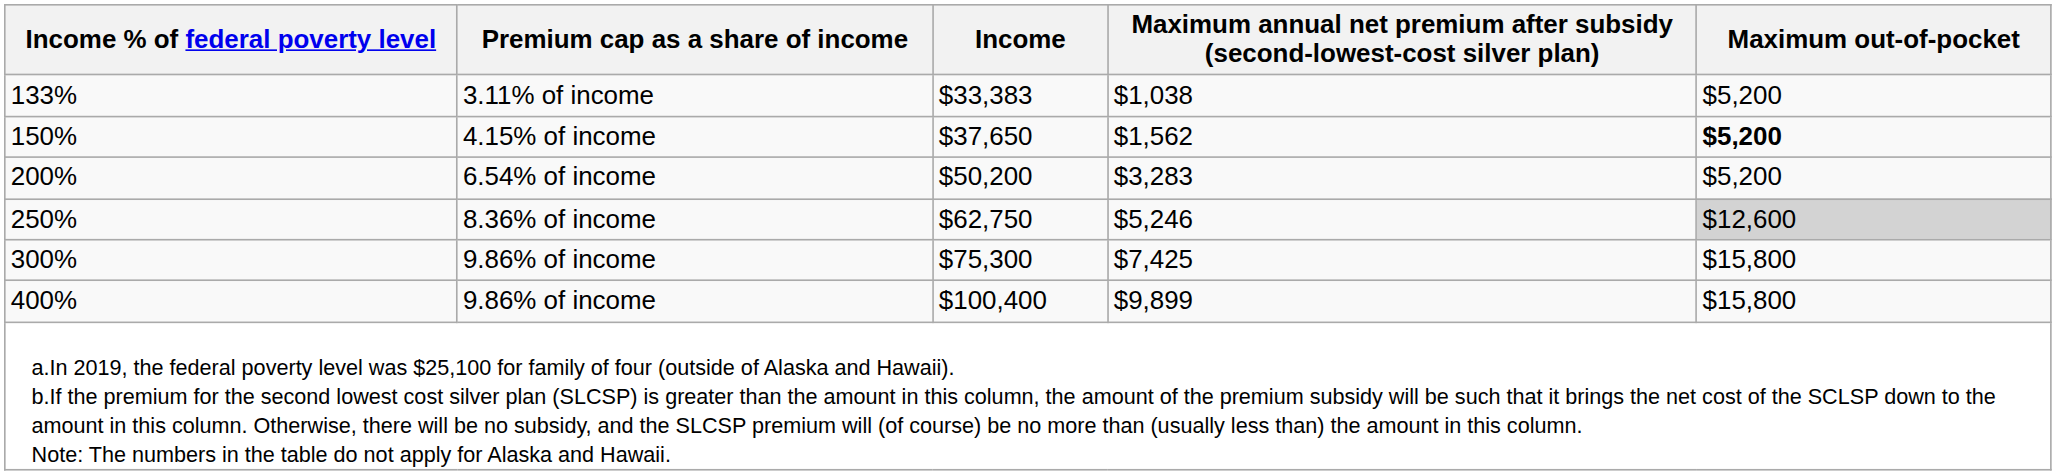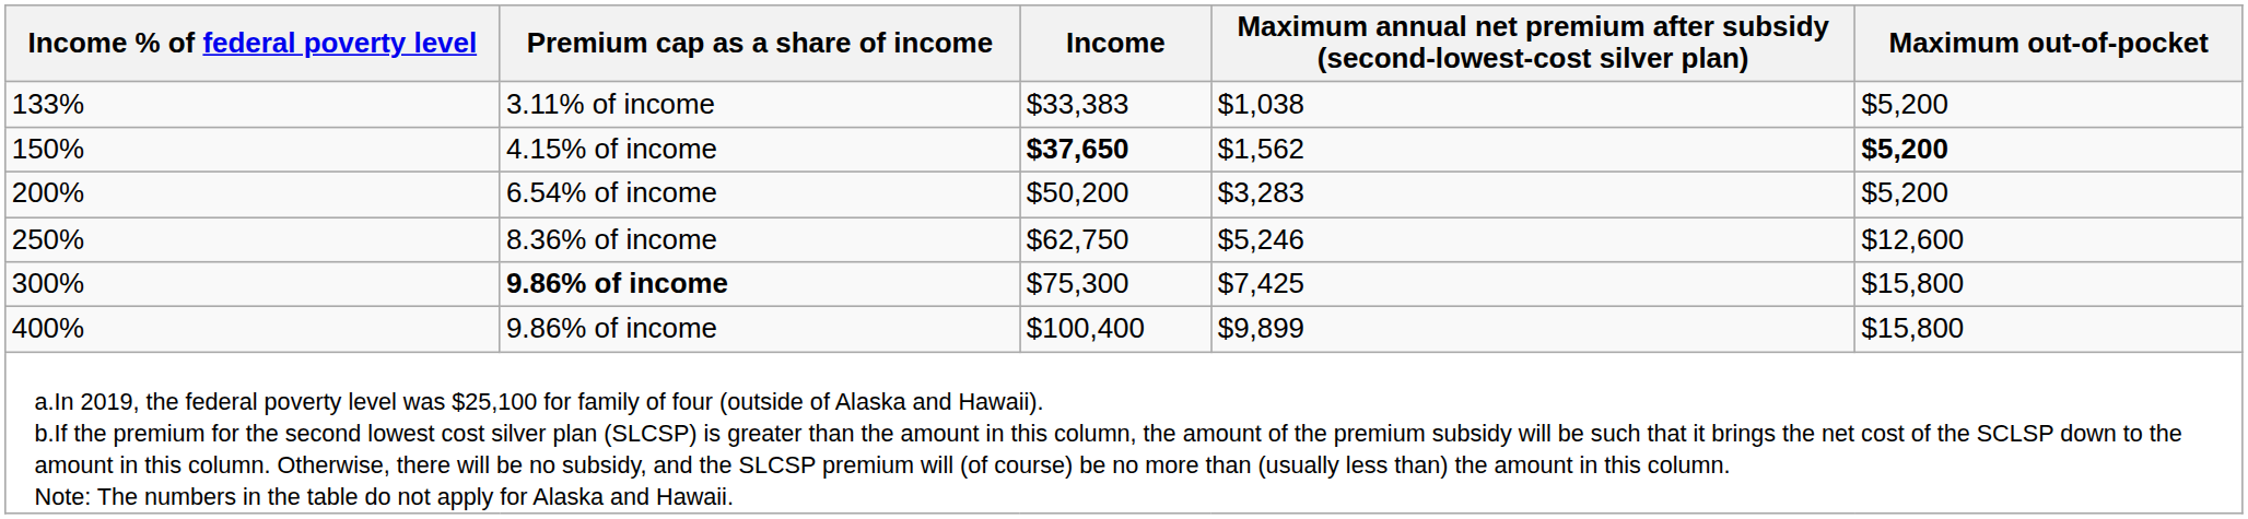 <table class="wikitable" style="margin: 1em auto 1em auto">
 <tr>
 <th>Income % of <a href='#'>federal poverty level</a></th>
 <th>Premium cap as a share of income</th>
 <th>Income</th>
 <th>Maximum annual net premium after subsidy<br>(second-lowest-cost silver plan)</th>
 <th>Maximum out-of-pocket</th>
 </tr>
 <tr>
 <td>133%</td>
 <td>3.11% of income</td>
 <td>$33,383</td>
 <td>$1,038</td>
 <td>$5,200</td>
 </tr>
 <tr>
 <td>150%</td>
 <td>4.15% of income</td>
-<td>$37,650</td>
+<td><strong>$37,650</strong></td>
 <td>$1,562</td>
 <td><strong>$5,200</strong></td>
 </tr>
 <tr>
 <td>200%</td>
 <td>6.54% of income</td>
 <td>$50,200</td>
 <td>$3,283</td>
 <td>$5,200</td>
 </tr>
 <tr>
 <td>250%</td>
 <td>8.36% of income</td>
 <td>$62,750</td>
 <td>$5,246</td>
-<td style="background: lightgrey;">$12,600</td>
+<td>$12,600</td>
 </tr>
 <tr>
 <td>300%</td>
-<td>9.86% of income</td>
+<td><strong>9.86% of income</strong></td>
 <td>$75,300</td>
 <td>$7,425</td>
 <td>$15,800</td>
 </tr>
 <tr>
 <td>400%</td>
 <td>9.86% of income</td>
 <td>$100,400</td>
 <td>$9,899</td>
 <td>$15,800</td>
 </tr>
 <tr>
 <td colspan="5" style="text-align:left; background:white; border-top:1px solid black; padding:0 1em;"><br><small>a.In 2019, the federal poverty level was $25,100 for family of four (outside of Alaska and Hawaii).</small><br><small>b.If the premium for the second lowest cost silver plan (SLCSP) is greater than the amount in this column, the amount of the premium subsidy will be such that it brings the net cost of the SCLSP down to the amount in this column. Otherwise, there will be no subsidy, and the SLCSP premium will (of course) be no more than (usually less than) the amount in this column.</small><br><small>Note: The numbers in the table do not apply for Alaska and Hawaii.</small></td>
 </tr>
 </table>
